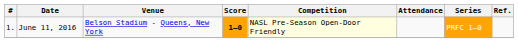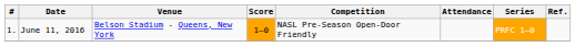 <table class="wikitable" style="font-size:90%">
 <tr>
 <th>#</th>
 <th width=100>Date</th>
 <th width=215>Venue</th>
 <th width=35>Score</th>
 <th width=230>Competition</th>
 <th width=35>Attendance</th>
 <th width=70>Series</th>
 <th width=20>Ref.</th>
 </tr>
 <tr>
 <td>1.</td>
 <td>June 11, 2016</td>
 <td><a href='#'>Belson Stadium</a> - <a href='#'>Queens, New York</a></td>
-<td style="text-align:center; background:#FFA500;"><strong><span>1–0</span></strong></td>
-<td style="background: lightyellow;">NASL Pre-Season Open-Door Friendly</td>
+<td style="text-align:center; background:#FFA500;"><span>1–0</span></td>
+<td>NASL Pre-Season Open-Door Friendly</td>
 <td></td>
 <td style="color:#FFFFFF; background:#FFA500;">PRFC 1–0</td>
 <td></td>
 </tr>
 <tr>
 </tr>
 </table>
